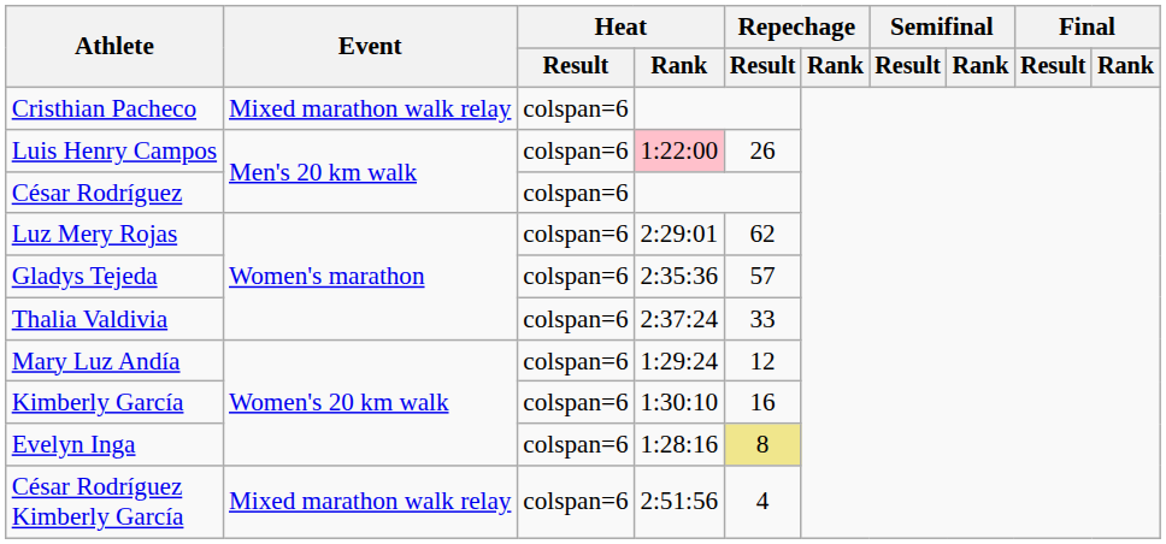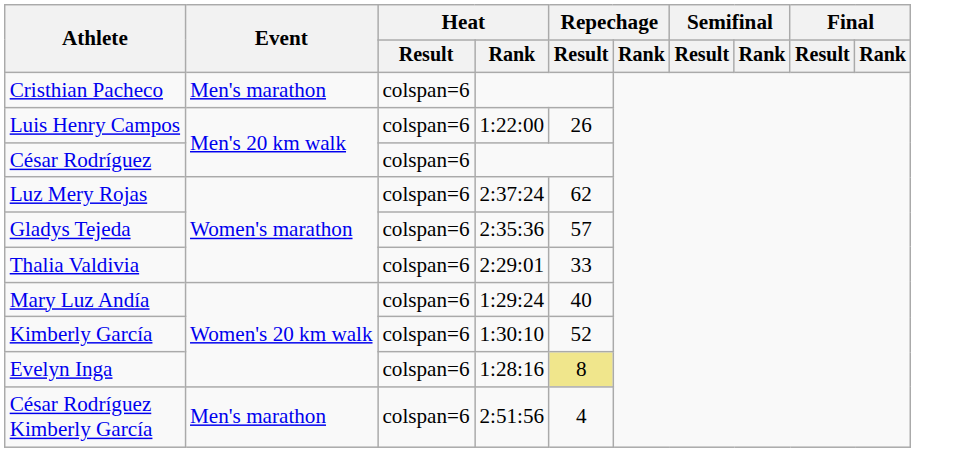 <table class="wikitable" style="font-size:90%">
 <tr>
 <th rowspan="2">Athlete</th>
 <th rowspan="2">Event</th>
 <th colspan="2">Heat</th>
 <th colspan="2">Repechage</th>
 <th colspan="2">Semifinal</th>
 <th colspan="2">Final</th>
 </tr>
 <tr style="font-size:95%">
 <th>Result</th>
 <th>Rank</th>
 <th>Result</th>
 <th>Rank</th>
 <th>Result</th>
 <th>Rank</th>
 <th>Result</th>
 <th>Rank</th>
 </tr>
 <tr align=center>
 <td align=left><a href='#'>Cristhian Pacheco</a></td>
-<td align=left><a href='#'>Mixed marathon walk  relay</a></td>
+<td align=left><a href='#'>Men's marathon</a></td>
 <td>colspan=6 </td>
 <td colspan=2><strong></strong></td>
 </tr>
 <tr align=center>
 <td align=left><a href='#'>Luis Henry Campos</a></td>
 <td rowspan=2 align=left><a href='#'>Men's 20 km walk</a></td>
 <td>colspan=6 </td>
-<td style="background: pink;">1:22:00 <strong></strong></td>
+<td>1:22:00 <strong></strong></td>
 <td>26</td>
 </tr>
 <tr align=center>
 <td align=left><a href='#'>César Rodríguez</a></td>
 <td>colspan=6 </td>
 <td colspan=2><strong></strong></td>
 </tr>
 <tr align=center>
 <td align=left><a href='#'>Luz Mery Rojas</a></td>
 <td align=left rowspan=3><a href='#'>Women's marathon</a></td>
 <td>colspan=6 </td>
-<td>2:29:01</td>
+<td>2:37:24</td>
 <td>62</td>
 </tr>
 <tr align=center>
 <td align=left><a href='#'>Gladys Tejeda</a></td>
 <td>colspan=6 </td>
 <td>2:35:36 <strong></strong></td>
 <td>57</td>
 </tr>
 <tr align=center>
 <td align=left><a href='#'>Thalia Valdivia</a></td>
 <td>colspan=6 </td>
-<td>2:37:24</td>
+<td>2:29:01</td>
 <td>33</td>
 </tr>
 <tr align=center>
 <td align=left><a href='#'>Mary Luz Andía</a></td>
 <td align=left rowspan=3><a href='#'>Women's 20 km walk</a></td>
 <td>colspan=6 </td>
 <td>1:29:24</td>
-<td>12</td>
+<td>40</td>
 </tr>
 <tr align=center>
 <td align=left><a href='#'>Kimberly García</a></td>
 <td>colspan=6 </td>
 <td>1:30:10</td>
-<td>16</td>
+<td>52</td>
 </tr>
 <tr align=center>
 <td align=left><a href='#'>Evelyn Inga</a></td>
 <td>colspan=6 </td>
 <td>1:28:16</td>
 <td style="background: khaki;">8</td>
 </tr>
 <tr align=center>
 <td align=left><a href='#'>César Rodríguez</a><br><a href='#'>Kimberly García</a></td>
-<td align=left><a href='#'>Mixed marathon walk  relay</a></td>
+<td align=left><a href='#'>Men's marathon</a></td>
 <td>colspan=6 </td>
 <td>2:51:56</td>
 <td>4</td>
 </tr>
 </table>
